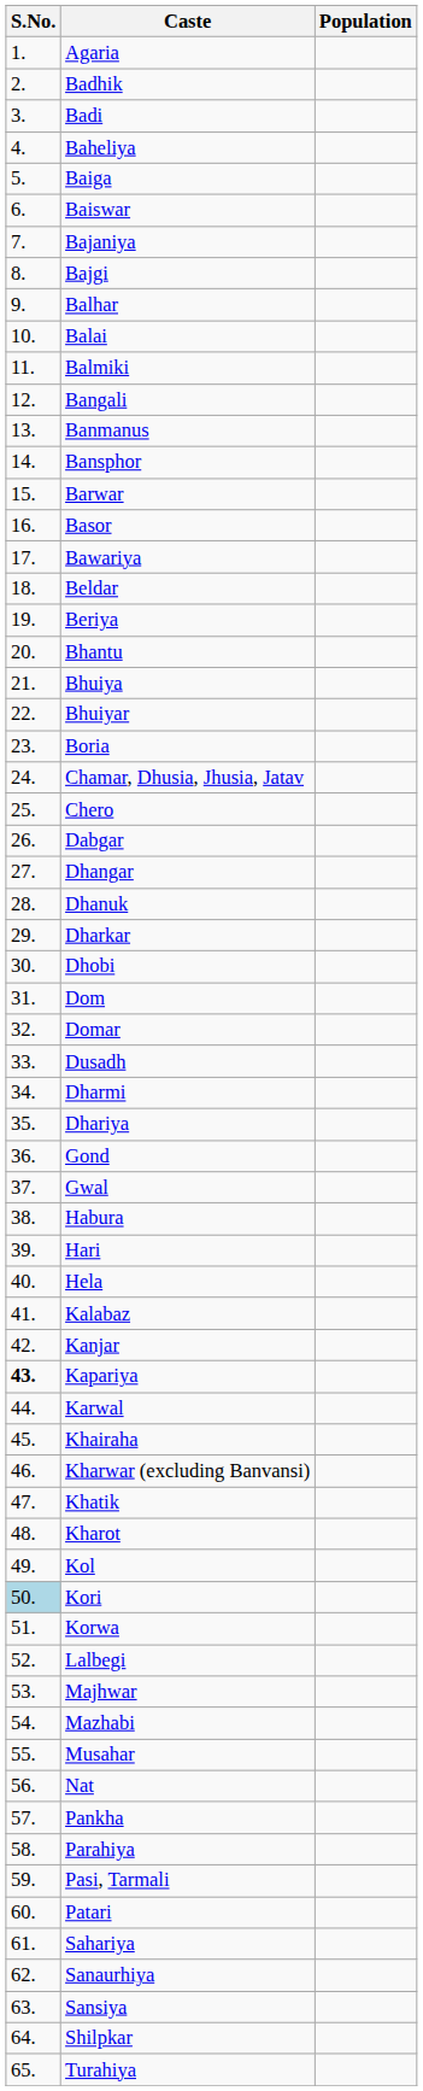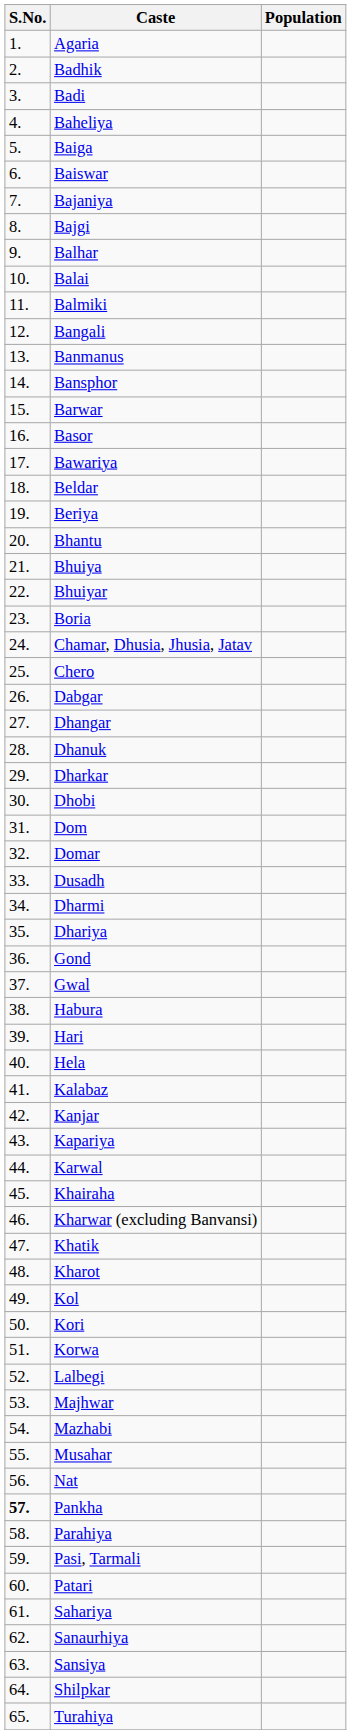 <table class="wikitable sortable" style="margin: 1em auto 1em auto;">
 <tr>
 <th>S.No.</th>
 <th>Caste</th>
 <th>Population</th>
 </tr>
 <tr>
 <td>1.</td>
 <td><a href='#'>Agaria</a></td>
 <td></td>
 </tr>
 <tr>
 <td>2.</td>
 <td><a href='#'>Badhik</a></td>
 <td></td>
 </tr>
 <tr>
 <td>3.</td>
 <td><a href='#'>Badi</a></td>
 <td></td>
 </tr>
 <tr>
 <td>4.</td>
 <td><a href='#'>Baheliya</a></td>
 <td></td>
 </tr>
 <tr>
 <td>5.</td>
 <td><a href='#'>Baiga</a></td>
 <td></td>
 </tr>
 <tr>
 <td>6.</td>
 <td><a href='#'>Baiswar</a></td>
 <td></td>
 </tr>
 <tr>
 <td>7.</td>
 <td><a href='#'>Bajaniya</a></td>
 <td></td>
 </tr>
 <tr>
 <td>8.</td>
 <td><a href='#'>Bajgi</a></td>
 <td></td>
 </tr>
 <tr>
 <td>9.</td>
 <td><a href='#'>Balhar</a></td>
 <td></td>
 </tr>
 <tr>
 <td>10.</td>
 <td><a href='#'>Balai</a></td>
 <td></td>
 </tr>
 <tr>
 <td>11.</td>
 <td><a href='#'>Balmiki</a></td>
 <td></td>
 </tr>
 <tr>
 <td>12.</td>
 <td><a href='#'>Bangali</a></td>
 <td></td>
 </tr>
 <tr>
 <td>13.</td>
 <td><a href='#'>Banmanus</a></td>
 <td></td>
 </tr>
 <tr>
 <td>14.</td>
 <td><a href='#'>Bansphor</a></td>
 <td></td>
 </tr>
 <tr>
 <td>15.</td>
 <td><a href='#'>Barwar</a></td>
 <td></td>
 </tr>
 <tr>
 <td>16.</td>
 <td><a href='#'>Basor</a></td>
 <td></td>
 </tr>
 <tr>
 <td>17.</td>
 <td><a href='#'>Bawariya</a></td>
 <td></td>
 </tr>
 <tr>
 <td>18.</td>
 <td><a href='#'>Beldar</a></td>
 <td></td>
 </tr>
 <tr>
 <td>19.</td>
 <td><a href='#'>Beriya</a></td>
 <td></td>
 </tr>
 <tr>
 <td>20.</td>
 <td><a href='#'>Bhantu</a></td>
 <td></td>
 </tr>
 <tr>
 <td>21.</td>
 <td><a href='#'>Bhuiya</a></td>
 <td></td>
 </tr>
 <tr>
 <td>22.</td>
 <td><a href='#'>Bhuiyar</a></td>
 <td></td>
 </tr>
 <tr>
 <td>23.</td>
 <td><a href='#'>Boria</a></td>
 <td></td>
 </tr>
 <tr>
 <td>24.</td>
 <td><a href='#'>Chamar</a>, <a href='#'>Dhusia</a>, <a href='#'>Jhusia</a>, <a href='#'>Jatav</a></td>
 <td></td>
 </tr>
 <tr>
 <td>25.</td>
 <td><a href='#'>Chero</a></td>
 <td></td>
 </tr>
 <tr>
 <td>26.</td>
 <td><a href='#'>Dabgar</a></td>
 <td></td>
 </tr>
 <tr>
 <td>27.</td>
 <td><a href='#'>Dhangar</a></td>
 <td></td>
 </tr>
 <tr>
 <td>28.</td>
 <td><a href='#'>Dhanuk</a></td>
 <td></td>
 </tr>
 <tr>
 <td>29.</td>
 <td><a href='#'>Dharkar</a></td>
 <td></td>
 </tr>
 <tr>
 <td>30.</td>
 <td><a href='#'>Dhobi</a></td>
 <td></td>
 </tr>
 <tr>
 <td>31.</td>
 <td><a href='#'>Dom</a></td>
 <td></td>
 </tr>
 <tr>
 <td>32.</td>
 <td><a href='#'>Domar</a></td>
 <td></td>
 </tr>
 <tr>
 <td>33.</td>
 <td><a href='#'>Dusadh</a></td>
 <td></td>
 </tr>
 <tr>
 <td>34.</td>
 <td><a href='#'>Dharmi</a></td>
 <td></td>
 </tr>
 <tr>
 <td>35.</td>
 <td><a href='#'>Dhariya</a></td>
 <td></td>
 </tr>
 <tr>
 <td>36.</td>
 <td><a href='#'>Gond</a></td>
 <td></td>
 </tr>
 <tr>
 <td>37.</td>
 <td><a href='#'>Gwal</a></td>
 <td></td>
 </tr>
 <tr>
 <td>38.</td>
 <td><a href='#'>Habura</a></td>
 <td></td>
 </tr>
 <tr>
 <td>39.</td>
 <td><a href='#'>Hari</a></td>
 <td></td>
 </tr>
 <tr>
 <td>40.</td>
 <td><a href='#'>Hela</a></td>
 <td></td>
 </tr>
 <tr>
 <td>41.</td>
 <td><a href='#'>Kalabaz</a></td>
 <td></td>
 </tr>
 <tr>
 <td>42.</td>
 <td><a href='#'>Kanjar</a></td>
 <td></td>
 </tr>
 <tr>
-<td><strong>43.</strong></td>
+<td>43.</td>
 <td><a href='#'>Kapariya</a></td>
 <td></td>
 </tr>
 <tr>
 <td>44.</td>
 <td><a href='#'>Karwal</a></td>
 <td></td>
 </tr>
 <tr>
 <td>45.</td>
 <td><a href='#'>Khairaha</a></td>
 <td></td>
 </tr>
 <tr>
 <td>46.</td>
 <td><a href='#'>Kharwar</a> (excluding Banvansi)</td>
 <td></td>
 </tr>
 <tr>
 <td>47.</td>
 <td><a href='#'>Khatik</a></td>
 <td></td>
 </tr>
 <tr>
 <td>48.</td>
 <td><a href='#'>Kharot</a></td>
 <td></td>
 </tr>
 <tr>
 <td>49.</td>
 <td><a href='#'>Kol</a></td>
 <td></td>
 </tr>
 <tr>
-<td style="background: lightblue;">50.</td>
+<td>50.</td>
 <td><a href='#'>Kori</a></td>
 <td></td>
 </tr>
 <tr>
 <td>51.</td>
 <td><a href='#'>Korwa</a></td>
 <td></td>
 </tr>
 <tr>
 <td>52.</td>
 <td><a href='#'>Lalbegi</a></td>
 <td></td>
 </tr>
 <tr>
 <td>53.</td>
 <td><a href='#'>Majhwar</a></td>
 <td></td>
 </tr>
 <tr>
 <td>54.</td>
 <td><a href='#'>Mazhabi</a></td>
 <td></td>
 </tr>
 <tr>
 <td>55.</td>
 <td><a href='#'>Musahar</a></td>
 <td></td>
 </tr>
 <tr>
 <td>56.</td>
 <td><a href='#'>Nat</a></td>
 <td></td>
 </tr>
 <tr>
-<td>57.</td>
+<td><strong>57.</strong></td>
 <td><a href='#'>Pankha</a></td>
 <td></td>
 </tr>
 <tr>
 <td>58.</td>
 <td><a href='#'>Parahiya</a></td>
 <td></td>
 </tr>
 <tr>
 <td>59.</td>
 <td><a href='#'>Pasi</a>, <a href='#'>Tarmali</a></td>
 <td></td>
 </tr>
 <tr>
 <td>60.</td>
 <td><a href='#'>Patari</a></td>
 <td></td>
 </tr>
 <tr>
 <td>61.</td>
 <td><a href='#'>Sahariya</a></td>
 <td></td>
 </tr>
 <tr>
 <td>62.</td>
 <td><a href='#'>Sanaurhiya</a></td>
 <td></td>
 </tr>
 <tr>
 <td>63.</td>
 <td><a href='#'>Sansiya</a></td>
 <td></td>
 </tr>
 <tr>
 <td>64.</td>
 <td><a href='#'>Shilpkar</a></td>
 <td></td>
 </tr>
 <tr>
 <td>65.</td>
 <td><a href='#'>Turahiya</a></td>
 <td></td>
 </tr>
 </table>
